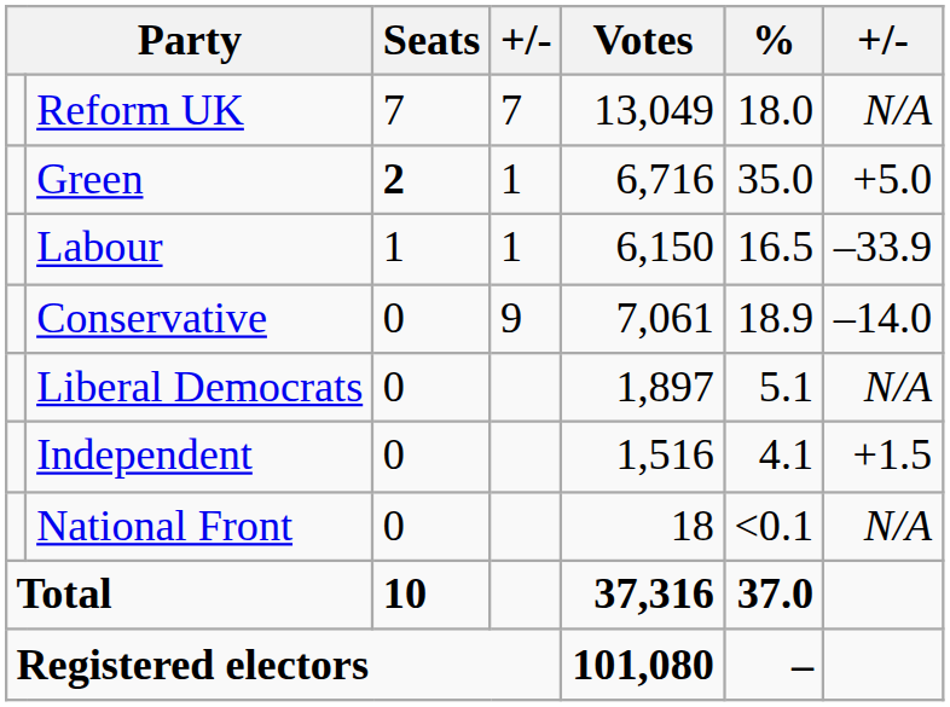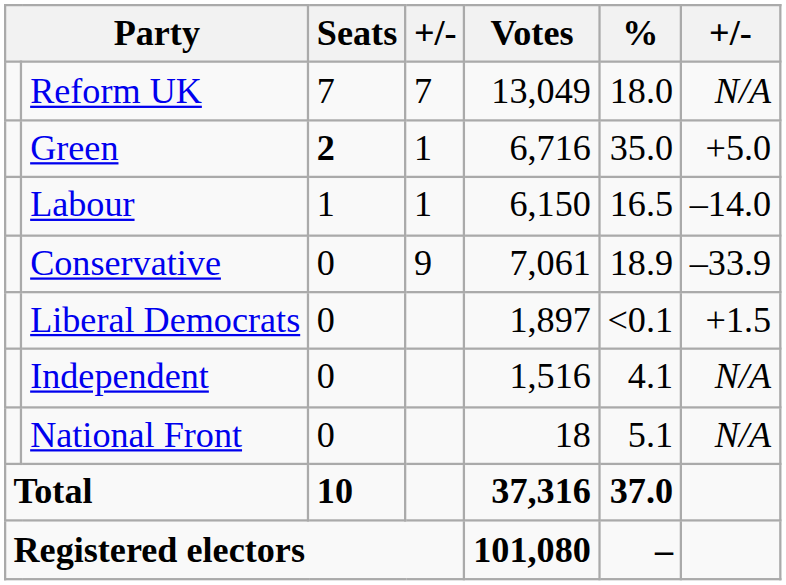 <table class="wikitable sortable">
 <tr>
 <th colspan="2">Party</th>
 <th>Seats</th>
 <th>+/-</th>
 <th>Votes</th>
 <th>%</th>
 <th>+/-</th>
 </tr>
 <tr>
 <td style="background-color: "></td>
 <td><a href='#'>Reform UK</a></td>
 <td>7</td>
 <td> 7</td>
 <td style="text-align:right;">13,049</td>
 <td style="text-align:right;">18.0</td>
 <td style="text-align:right;"><em>N/A</em></td>
 </tr>
 <tr>
 <td style="background-color: "></td>
 <td><a href='#'>Green</a></td>
 <td><strong>2</strong></td>
 <td> 1</td>
 <td style="text-align:right;">6,716</td>
 <td style="text-align:right;">35.0</td>
 <td style="text-align:right;">+5.0</td>
 </tr>
 <tr>
 <td style="background-color: "></td>
 <td><a href='#'>Labour</a></td>
 <td>1</td>
 <td> 1</td>
 <td style="text-align:right;">6,150</td>
 <td style="text-align:right;">16.5</td>
-<td style="text-align:right;">–33.9</td>
+<td style="text-align:right;">–14.0</td>
 </tr>
 <tr>
 <td style="background-color: "></td>
 <td><a href='#'>Conservative</a></td>
 <td>0</td>
 <td> 9</td>
 <td style="text-align:right;">7,061</td>
 <td style="text-align:right;">18.9</td>
-<td style="text-align:right;">–14.0</td>
+<td style="text-align:right;">–33.9</td>
 </tr>
 <tr>
 <td style="background-color: "></td>
 <td><a href='#'>Liberal Democrats</a></td>
 <td>0</td>
 <td></td>
 <td style="text-align:right;">1,897</td>
-<td style="text-align:right;">5.1</td>
-<td style="text-align:right;"><em>N/A</em></td>
+<td style="text-align:right;"><0.1</td>
+<td style="text-align:right;">+1.5</td>
 </tr>
 <tr>
 <td style="background-color: "></td>
 <td><a href='#'>Independent</a></td>
 <td>0</td>
 <td></td>
 <td style="text-align:right;">1,516</td>
 <td style="text-align:right;">4.1</td>
-<td style="text-align:right;">+1.5</td>
+<td style="text-align:right;"><em>N/A</em></td>
 </tr>
 <tr>
 <td style="background-color: "></td>
 <td><a href='#'>National Front</a></td>
 <td>0</td>
 <td></td>
 <td style="text-align:right;">18</td>
-<td style="text-align:right;"><0.1</td>
+<td style="text-align:right;">5.1</td>
 <td style="text-align:right;"><em>N/A</em></td>
 </tr>
 <tr>
 <td colspan="2"><strong>Total</strong></td>
 <td><strong>10</strong></td>
 <td></td>
 <td style="text-align:right;"><strong>37,316</strong></td>
 <td style="text-align:right;"><strong>37.0</strong></td>
 <td style="text-align:right;"></td>
 </tr>
 <tr>
 <td colspan="4"><strong>Registered electors</strong></td>
 <td style="text-align:right;"><strong>101,080</strong></td>
 <td style="text-align:right;"><strong>–</strong></td>
 <td style="text-align:right;"></td>
 </tr>
 </table>
